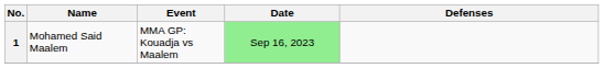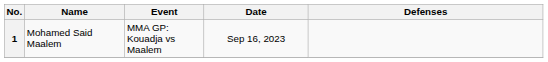 <table class="wikitable" width=100%>
 <tr>
 <th width=1%>No.</th>
 <th width=19%>Name</th>
 <th width=15%>Event</th>
 <th width=20%>Date</th>
 <th width=45%>Defenses</th>
 </tr>
 <tr>
 <th>1</th>
 <td> Mohamed Said Maalem <br></td>
 <td>MMA GP: Kouadja vs Maalem <br></td>
-<td align=center style="background: lightgreen;">Sep 16, 2023</td>
+<td align=center>Sep 16, 2023</td>
 <td></td>
 </tr>
 <tr>
 </tr>
 </table>
